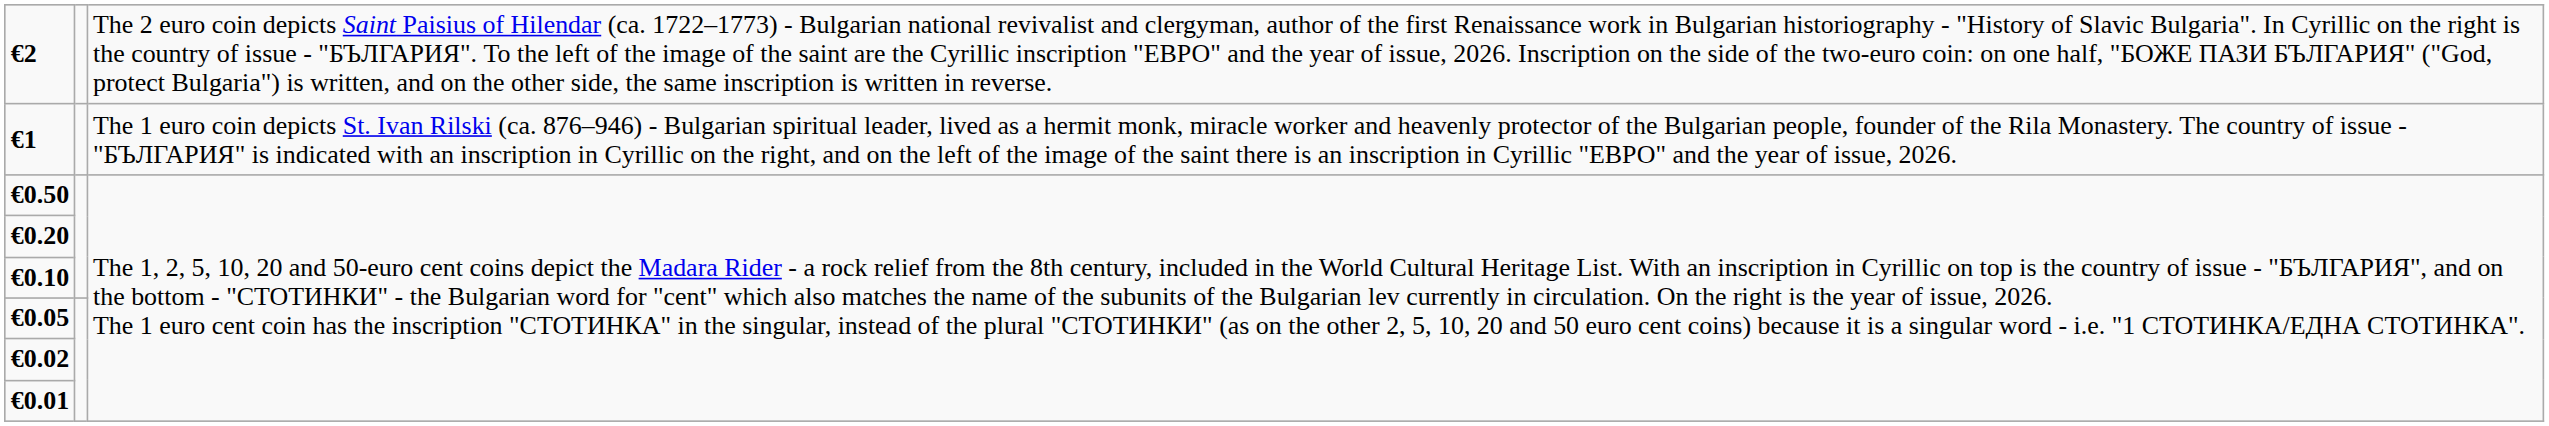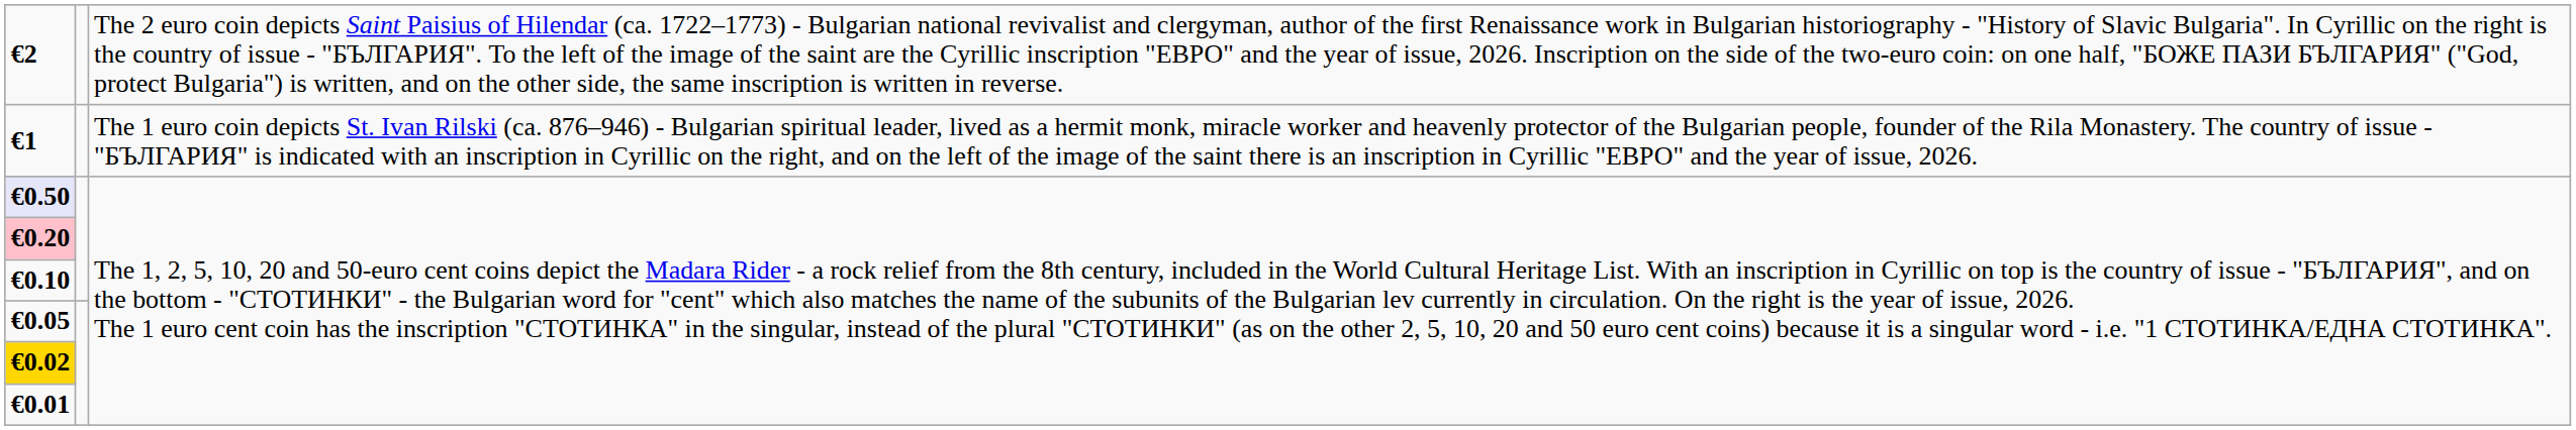 <table class="wikitable">
 <tr>
 <td><strong>€2</strong></td>
 <td></td>
 <td>The 2 euro coin depicts <a href='#'><em>Saint</em> Paisius of Hilendar</a> (ca. 1722–1773) - Bulgarian national revivalist and clergyman, author of the first Renaissance work in Bulgarian historiography - "History of Slavic Bulgaria". In Cyrillic on the right is the country of issue - "БЪЛГАРИЯ". To the left of the image of the saint are the Cyrillic inscription "ЕВРО" and the year of issue, 2026. Inscription on the side of the two-euro coin: on one half, "БОЖЕ ПАЗИ БЪЛГАРИЯ" ("God, protect Bulgaria") is written, and on the other side, the same inscription is written in reverse.</td>
 </tr>
 <tr>
 <td><strong>€1</strong></td>
 <td></td>
 <td>The 1 euro coin depicts <a href='#'>St. Ivan Rilski</a> (ca. 876–946) - Bulgarian spiritual leader, lived as a hermit monk, miracle worker and heavenly protector of the Bulgarian people, founder of the Rila Monastery. The country of issue - "БЪЛГАРИЯ" is indicated with an inscription in Cyrillic on the right, and on the left of the image of the saint there is an inscription in Cyrillic "ЕВРО" and the year of issue, 2026.</td>
 </tr>
 <tr>
-<td><strong>€0.50</strong></td>
+<td style="background: lavender;"><strong>€0.50</strong></td>
 <td rowspan="3"></td>
 <td rowspan="6">The 1, 2, 5, 10, 20 and 50-euro cent coins depict the <a href='#'>Madara Rider</a> - a rock relief from the 8th century, included in the World Cultural Heritage List. With an inscription in Cyrillic on top is the country of issue - "БЪЛГАРИЯ", and on the bottom - "СТОТИНКИ" - the Bulgarian word for "cent" which also matches the name of the subunits of the Bulgarian lev currently in circulation. On the right is the year of issue, 2026.<br>The 1 euro cent coin has the inscription "СТОТИНКА" in the singular, instead of the plural "СТОТИНКИ" (as on the other 2, 5, 10, 20 and 50 euro cent coins) because it is a singular word - i.e. "1 СТОТИНКА/ЕДНА СТОТИНКА".</td>
 </tr>
 <tr>
-<td><strong>€0.20</strong></td>
+<td style="background: pink;"><strong>€0.20</strong></td>
 </tr>
 <tr>
 <td><strong>€0.10</strong></td>
 </tr>
 <tr>
 <td><strong>€0.05</strong></td>
 <td rowspan="3"><br></td>
 </tr>
 <tr>
-<td><strong>€0.02</strong></td>
+<td style="background: gold;"><strong>€0.02</strong></td>
 </tr>
 <tr>
 <td><strong>€0.01</strong></td>
 </tr>
 </table>
